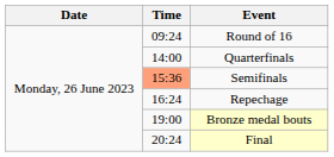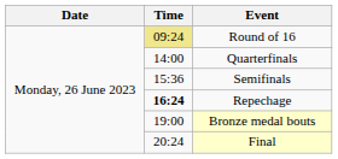 <table class = "wikitable" style="text-align:center;">
 <tr>
 <th width=160>Date</th>
 <th width=50>Time</th>
 <th width=160>Event</th>
 </tr>
 <tr>
 <td rowspan=6>Monday, 26 June 2023</td>
-<td>09:24</td>
+<td style="background: khaki;">09:24</td>
 <td>Round of 16</td>
 </tr>
 <tr>
 <td>14:00</td>
 <td>Quarterfinals</td>
 </tr>
 <tr>
-<td style="background: lightsalmon;">15:36</td>
+<td>15:36</td>
 <td>Semifinals</td>
 </tr>
 <tr>
-<td>16:24</td>
+<td><strong>16:24</strong></td>
 <td>Repechage</td>
 </tr>
 <tr>
 <td>19:00</td>
 <td bgcolor=ffffcc>Bronze medal bouts</td>
 </tr>
 <tr>
 <td>20:24</td>
 <td bgcolor=ffffcc>Final</td>
 </tr>
 </table>
